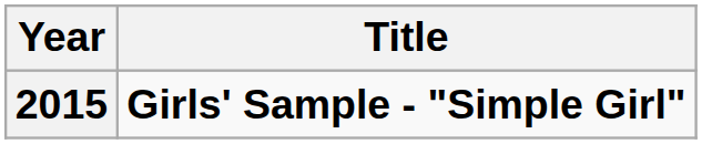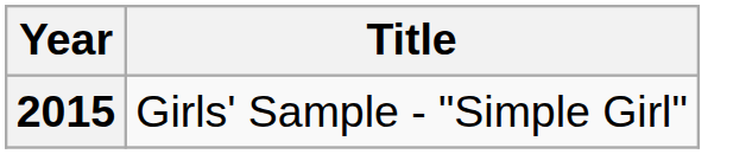 <table class="wikitable plainrowheaders">
 <tr>
 <th scope="col">Year</th>
 <th scope="col">Title</th>
 </tr>
 <tr>
 <th scope="row">2015</th>
-<td><strong>Girls' Sample - "Simple Girl"</strong></td>
+<td>Girls' Sample - "Simple Girl"</td>
 </tr>
 </table>
